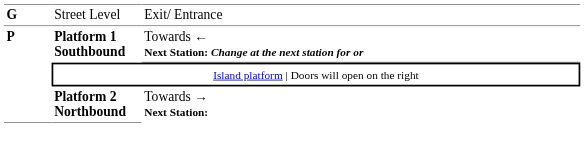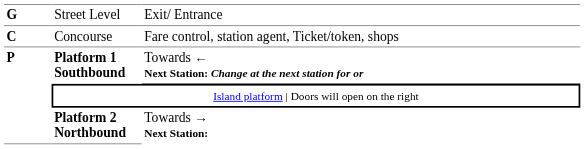 <table table border=0 cellspacing=0 cellpadding=3>
 <tr>
 <td style="border-top:solid 1px grey;border-bottom:solid 1px grey;" width=50 valign=top><strong>G</strong></td>
 <td style="border-top:solid 1px grey;border-bottom:solid 1px grey;" width=100 valign=top>Street Level</td>
 <td style="border-top:solid 1px grey;border-bottom:solid 1px grey;" width=390 valign=top>Exit/ Entrance</td>
+</tr>
+<tr>
+<td style="border-bottom:solid 1px grey;"><strong>C</strong></td>
+<td style="border-bottom:solid 1px grey;">Concourse</td>
+<td style="border-bottom:solid 1px grey;">Fare control, station agent, Ticket/token, shops</td>
 </tr>
 <tr>
 <td style="border-bottom:solid 1px grey;" width=50 rowspan=3 valign=top><strong>P</strong></td>
 <td style="border-bottom:solid 1px white;" width=100><span><strong>Platform 1</strong><br><strong>Southbound</strong></span></td>
 <td style="border-bottom:solid 1px grey;" width="510">Towards ← <br><small><strong>Next Station:</strong> </small> <small><strong><em>Change at the next station for  or </em></strong></small></td>
 </tr>
 <tr>
 <td style="border-top:solid 2px black;border-right:solid 2px black;border-left:solid 2px black;border-bottom:solid 2px black;text-align:center;" colspan=2><small><a href='#'>Island platform</a> | Doors will open on the right </small></td>
 </tr>
 <tr>
 <td style="border-bottom:solid 1px grey;" width=100><span><strong>Platform 2</strong><br><strong>Northbound</strong></span></td>
 <td style="border-bottom:solid 1px white;" width=510>Towards → <br><small><strong>Next Station:</strong> </small></td>
 </tr>
 </table>
